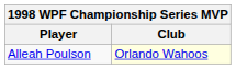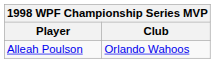 <table class="wikitable">
 <tr>
 <th colspan=3>1998 WPF Championship Series MVP</th>
 </tr>
 <tr>
 <th>Player</th>
 <th>Club</th>
 </tr>
 <tr>
 <td><a href='#'>Alleah Poulson</a></td>
-<td style="background: lightyellow;"><a href='#'>Orlando Wahoos</a></td>
+<td><a href='#'>Orlando Wahoos</a></td>
 </tr>
 </table>
